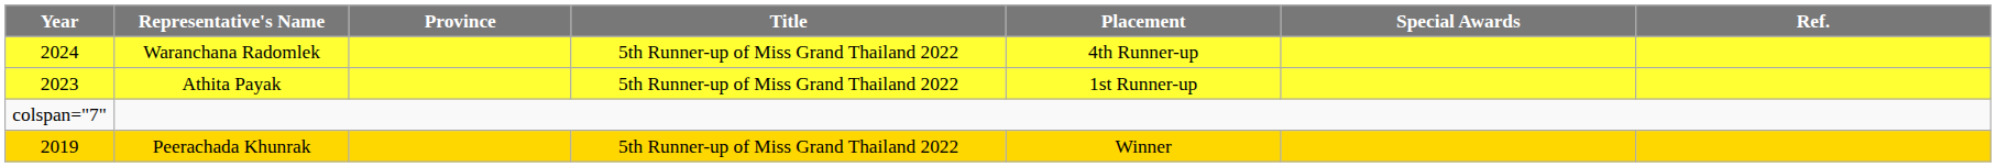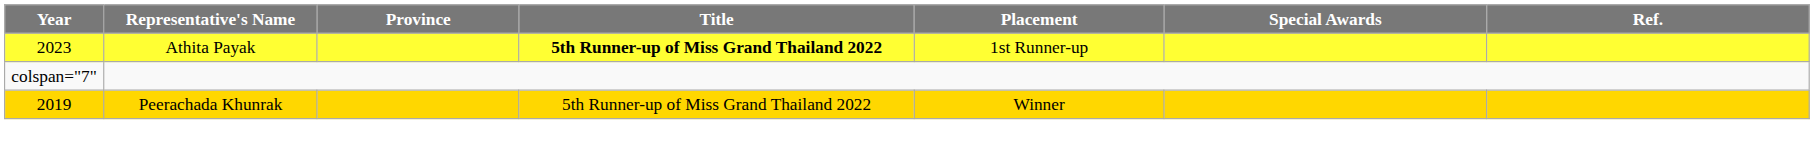 <table class="wikitable" style="font-size: 95%; text-align:center; width: 100%">
 <tr>
 <th width="60" style="background-color:#787878;color:#FFFFFF;">Year</th>
 <th width="170" style="background-color:#787878;color:#FFFFFF;">Representative's Name</th>
 <th width="160" style="background-color:#787878;color:#FFFFFF;">Province</th>
 <th width="320" style="background-color:#787878;color:#FFFFFF;">Title</th>
 <th width="200" style="background-color:#787878;color:#FFFFFF;">Placement</th>
 <th width="260" style="background-color:#787878;color:#FFFFFF;">Special Awards</th>
 <th width="260" style="background-color:#787878;color:#FFFFFF;">Ref.</th>
 </tr>
-<tr style="background-color:#FFFF33">
-<td>2024</td>
-<td>Waranchana Radomlek</td>
-<td></td>
-<td>5th Runner-up of Miss Grand Thailand 2022</td>
-<td>4th Runner-up</td>
-<td style="background:;"></td>
-<td></td>
-</tr>
 <tr style="background-color:#FFFF33; ">
 <td>2023</td>
 <td>Athita Payak</td>
 <td></td>
-<td>5th Runner-up of Miss Grand Thailand 2022</td>
+<td><strong>5th Runner-up of Miss Grand Thailand 2022</strong></td>
 <td>1st Runner-up</td>
 <td style="background:;"></td>
 <td></td>
 </tr>
 <tr>
 <td>colspan="7" </td>
 </tr>
 <tr style="background-color:gold; ">
 <td>2019</td>
 <td>Peerachada Khunrak</td>
 <td></td>
 <td>5th Runner-up of Miss Grand Thailand 2022</td>
 <td>Winner</td>
 <td style="background:;"></td>
 <td></td>
 </tr>
 </table>
